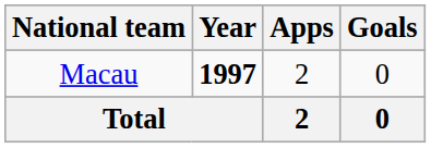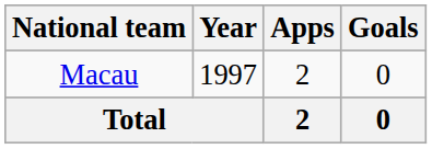 <table class="wikitable" style="text-align:center">
 <tr>
 <th>National team</th>
 <th>Year</th>
 <th>Apps</th>
 <th>Goals</th>
 </tr>
 <tr>
 <td rowspan="1"><a href='#'>Macau</a></td>
-<td><strong>1997</strong></td>
+<td>1997</td>
 <td>2</td>
 <td>0</td>
 </tr>
 <tr>
 <th colspan=2>Total</th>
 <th>2</th>
 <th>0</th>
 </tr>
 </table>
